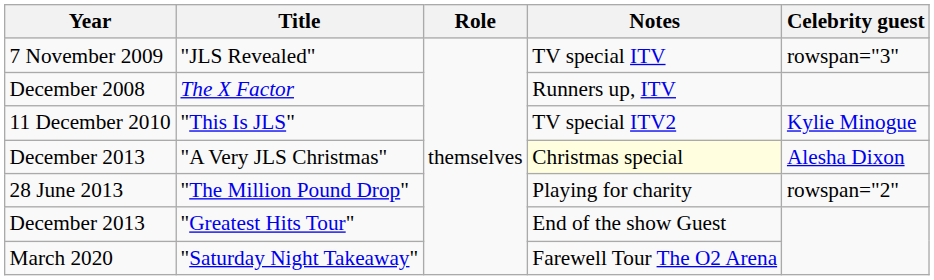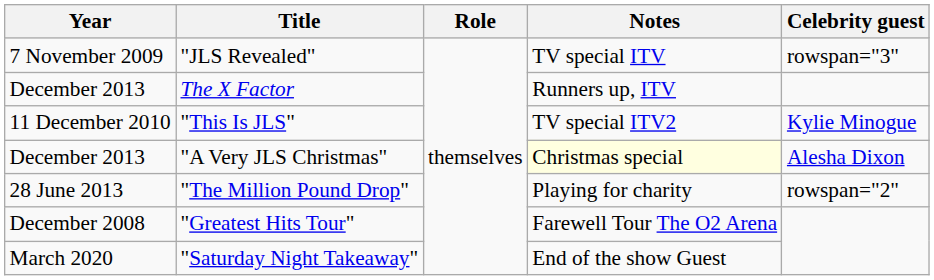 <table class="wikitable sortable">
 <tr>
 <th>Year</th>
 <th>Title</th>
 <th>Role</th>
 <th>Notes</th>
 <th>Celebrity guest</th>
 </tr>
 <tr>
 <td>7 November 2009</td>
 <td>"JLS Revealed"</td>
 <td rowspan="7">themselves</td>
 <td>TV special <a href='#'>ITV</a></td>
 <td>rowspan="3" </td>
 </tr>
 <tr>
-<td>December 2008</td>
+<td>December 2013</td>
 <td><em><a href='#'>The X Factor</a></em></td>
 <td>Runners up, <a href='#'>ITV</a></td>
 </tr>
 <tr>
 <td>11 December 2010</td>
 <td>"<a href='#'>This Is JLS</a>"</td>
 <td>TV special <a href='#'>ITV2</a></td>
 <td><a href='#'>Kylie Minogue</a></td>
 </tr>
 <tr>
 <td>December 2013</td>
 <td>"A Very JLS Christmas"</td>
 <td style="background: lightyellow;">Christmas special</td>
 <td><a href='#'>Alesha Dixon</a></td>
 </tr>
 <tr>
 <td>28 June 2013</td>
 <td>"<a href='#'>The Million Pound Drop</a>"</td>
 <td>Playing for charity</td>
 <td>rowspan="2" </td>
 </tr>
 <tr>
-<td>December 2013</td>
+<td>December 2008</td>
 <td>"<a href='#'>Greatest Hits Tour</a>"</td>
-<td>End of the show Guest</td>
+<td>Farewell Tour <a href='#'>The O2 Arena</a></td>
 </tr>
 <tr>
 <td>March 2020</td>
 <td>"<a href='#'>Saturday Night Takeaway</a>"</td>
-<td>Farewell Tour <a href='#'>The O2 Arena</a></td>
+<td>End of the show Guest</td>
 </tr>
 </table>
